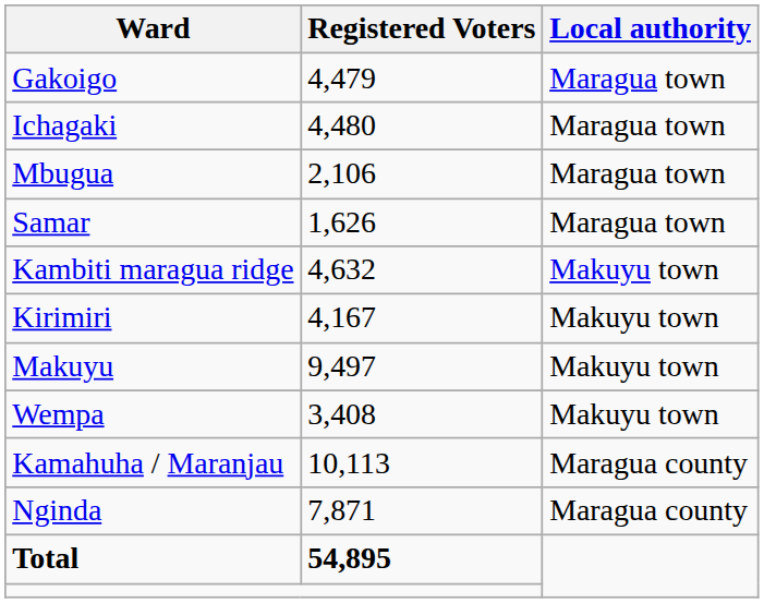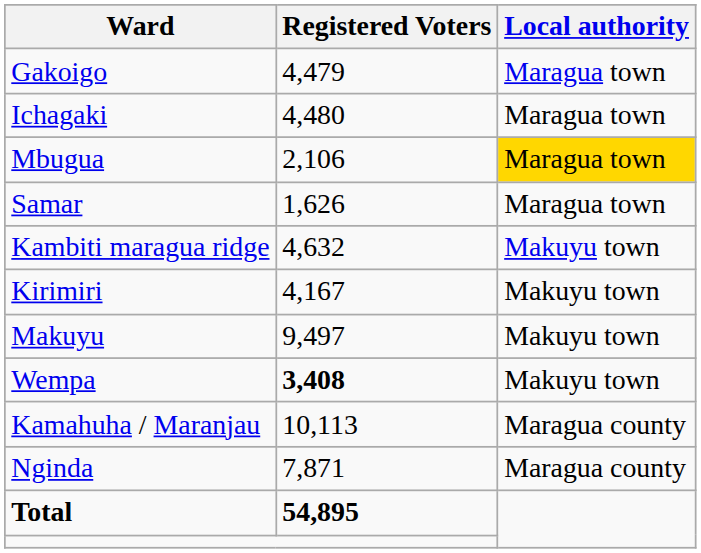 <table class="wikitable">
 <tr>
 <th>Ward</th>
 <th>Registered Voters</th>
 <th><a href='#'>Local authority</a></th>
 </tr>
 <tr>
 <td><a href='#'>Gakoigo</a></td>
 <td>4,479</td>
 <td><a href='#'>Maragua</a> town</td>
 </tr>
 <tr>
 <td><a href='#'>Ichagaki</a></td>
 <td>4,480</td>
 <td>Maragua town</td>
 </tr>
 <tr>
 <td><a href='#'>Mbugua</a></td>
 <td>2,106</td>
-<td>Maragua town</td>
+<td style="background: gold;">Maragua town</td>
 </tr>
 <tr>
 <td><a href='#'>Samar</a></td>
 <td>1,626</td>
 <td>Maragua town</td>
 </tr>
 <tr>
 <td><a href='#'>Kambiti maragua ridge</a></td>
 <td>4,632</td>
 <td><a href='#'>Makuyu</a> town</td>
 </tr>
 <tr>
 <td><a href='#'>Kirimiri</a></td>
 <td>4,167</td>
 <td>Makuyu town</td>
 </tr>
 <tr>
 <td><a href='#'>Makuyu</a></td>
 <td>9,497</td>
 <td>Makuyu town</td>
 </tr>
 <tr>
 <td><a href='#'>Wempa</a></td>
-<td>3,408</td>
+<td><strong>3,408</strong></td>
 <td>Makuyu town</td>
 </tr>
 <tr>
 <td><a href='#'>Kamahuha</a> / <a href='#'>Maranjau</a></td>
 <td>10,113</td>
 <td>Maragua county</td>
 </tr>
 <tr>
 <td><a href='#'>Nginda</a></td>
 <td>7,871</td>
 <td>Maragua county</td>
 </tr>
 <tr>
 <td><strong>Total</strong></td>
 <td><strong>54,895</strong></td>
 </tr>
 <tr>
 <td colspan="2"></td>
 </tr>
 </table>
